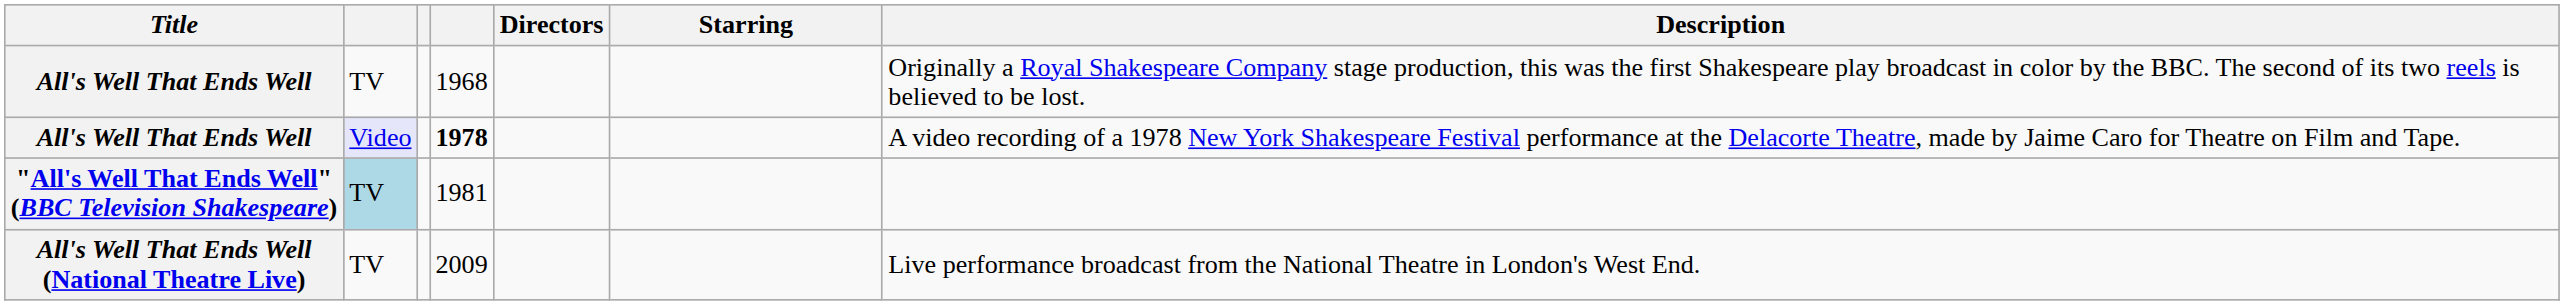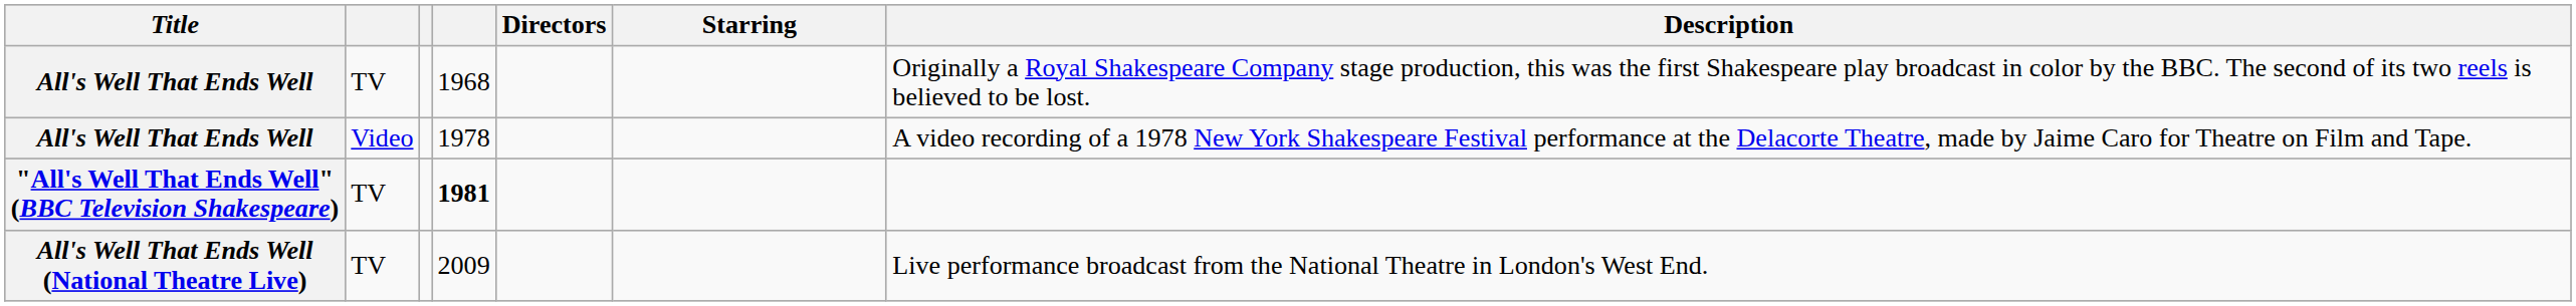 <table class="wikitable sortable">
 <tr>
 <th scope="col"><em>Title</em></th>
 <th scope="col"></th>
 <th scope="col"></th>
 <th scope="col"></th>
 <th scope="col" class="unsortable">Directors</th>
 <th scope="col" class="unsortable" style="min-width: 10em">Starring</th>
 <th scope="col" class="unsortable" style="min-width: 15em">Description</th>
 </tr>
 <tr>
 <th scope="row" style="white-space: nowrap"><em>All's Well That Ends Well</em></th>
 <td>TV</td>
 <td></td>
 <td>1968</td>
 <td></td>
 <td></td>
 <td>Originally a <a href='#'>Royal Shakespeare Company</a> stage production, this was the first Shakespeare play broadcast in color by the BBC. The second of its two <a href='#'>reels</a> is believed to be lost.</td>
 </tr>
 <tr>
 <th scope="row" style="white-space: nowrap"><em>All's Well That Ends Well</em></th>
-<td style="background: lavender;"><a href='#'>Video</a></td>
+<td><a href='#'>Video</a></td>
 <td></td>
-<td><strong>1978</strong></td>
+<td>1978</td>
 <td></td>
 <td></td>
 <td>A video recording of a 1978 <a href='#'>New York Shakespeare Festival</a> performance at the <a href='#'>Delacorte Theatre</a>, made by Jaime Caro for Theatre on Film and Tape.</td>
 </tr>
 <tr>
 <th scope="row" style="white-space: nowrap">"<a href='#'>All's Well That Ends Well</a>"<br>(<em><a href='#'>BBC Television Shakespeare</a></em>)</th>
-<td style="background: lightblue;">TV</td>
+<td>TV</td>
 <td></td>
-<td>1981</td>
+<td><strong>1981</strong></td>
 <td></td>
 <td></td>
 <td></td>
 </tr>
 <tr>
 <th scope="row" style="white-space: nowrap"><em>All's Well That Ends Well</em><br>(<a href='#'>National Theatre Live</a>)</th>
 <td>TV</td>
 <td></td>
 <td>2009</td>
 <td></td>
 <td></td>
 <td>Live performance broadcast from the National Theatre in London's West End.</td>
 </tr>
 </table>
